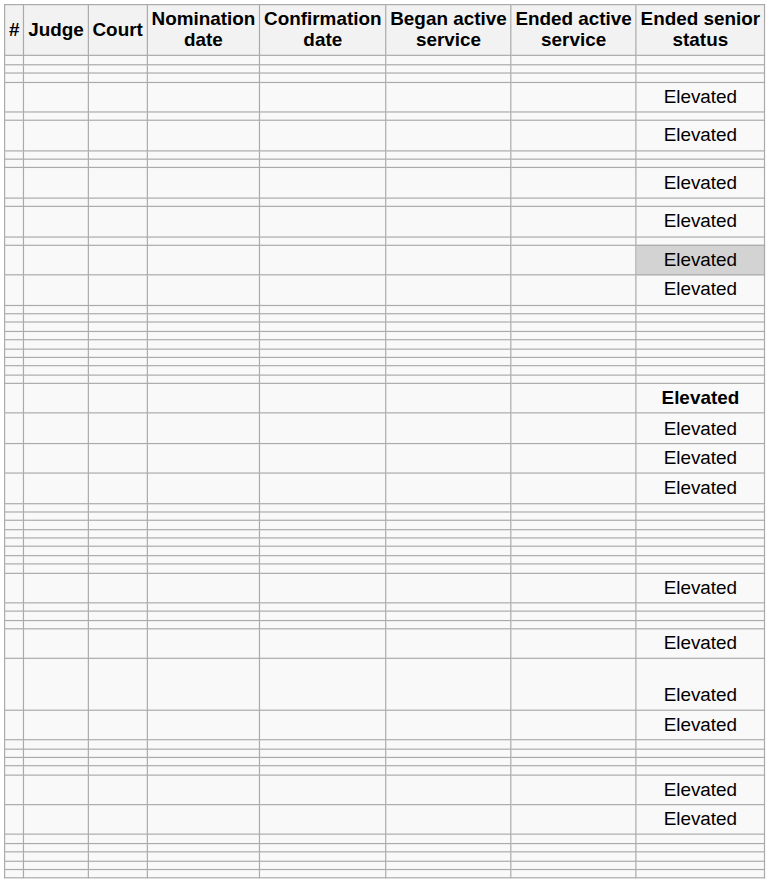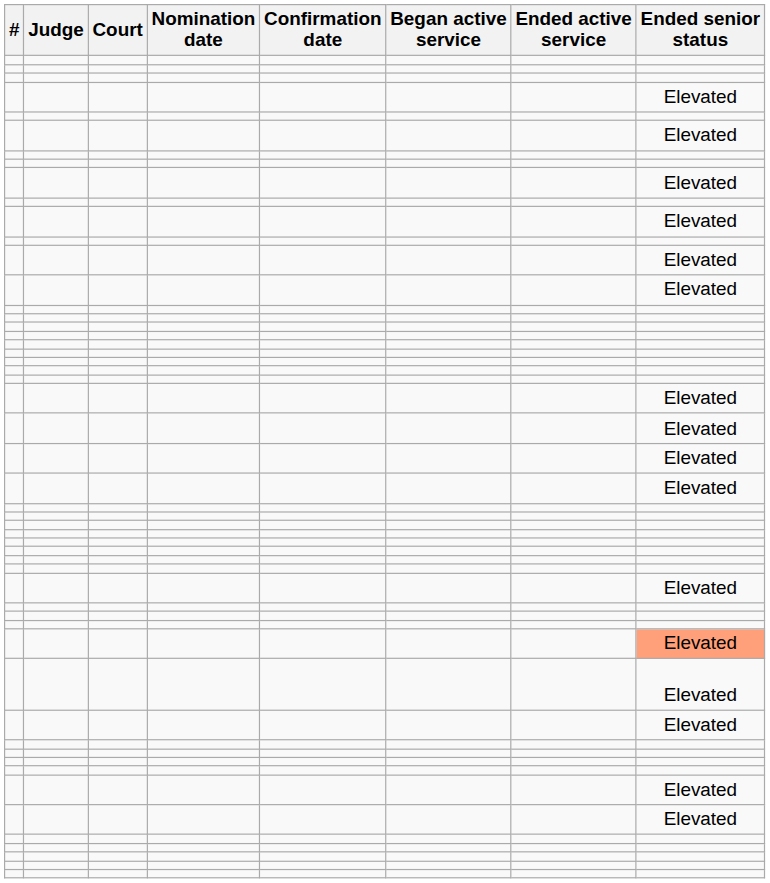 <table class="sortable wikitable">
 <tr bgcolor="#ececec">
 <th>#</th>
 <th>Judge</th>
 <th>Court<br></th>
 <th>Nomination<br>date</th>
 <th>Confirmation<br>date</th>
 <th>Began active<br>service</th>
 <th>Ended active<br>service</th>
 <th>Ended senior<br>status</th>
 </tr>
 <tr>
 <td></td>
 <td></td>
 <td></td>
 <td></td>
 <td></td>
 <td></td>
 <td></td>
 <td></td>
 </tr>
 <tr>
 <td></td>
 <td></td>
 <td></td>
 <td></td>
 <td></td>
 <td></td>
 <td></td>
 <td align="center"></td>
 </tr>
 <tr>
 <td></td>
 <td></td>
 <td></td>
 <td></td>
 <td></td>
 <td></td>
 <td></td>
 <td align="center"></td>
 </tr>
 <tr>
 <td></td>
 <td></td>
 <td></td>
 <td></td>
 <td></td>
 <td></td>
 <td></td>
 <td align="center">Elevated</td>
 </tr>
 <tr>
 <td></td>
 <td></td>
 <td></td>
 <td></td>
 <td></td>
 <td></td>
 <td></td>
 <td align="center"></td>
 </tr>
 <tr>
 <td></td>
 <td></td>
 <td></td>
 <td></td>
 <td></td>
 <td></td>
 <td></td>
 <td align="center">Elevated</td>
 </tr>
 <tr>
 <td></td>
 <td></td>
 <td></td>
 <td></td>
 <td></td>
 <td></td>
 <td></td>
 <td align="center"></td>
 </tr>
 <tr>
 <td></td>
 <td></td>
 <td></td>
 <td></td>
 <td></td>
 <td></td>
 <td></td>
 <td align="center"></td>
 </tr>
 <tr>
 <td></td>
 <td></td>
 <td></td>
 <td></td>
 <td></td>
 <td></td>
 <td></td>
 <td align="center">Elevated</td>
 </tr>
 <tr>
 <td></td>
 <td></td>
 <td></td>
 <td></td>
 <td></td>
 <td></td>
 <td></td>
 <td align="center"></td>
 </tr>
 <tr>
 <td></td>
 <td></td>
 <td></td>
 <td></td>
 <td></td>
 <td></td>
 <td></td>
 <td align="center">Elevated</td>
 </tr>
 <tr>
 <td></td>
 <td></td>
 <td></td>
 <td></td>
 <td></td>
 <td></td>
 <td></td>
 <td></td>
 </tr>
 <tr>
 <td></td>
 <td></td>
 <td></td>
 <td></td>
 <td></td>
 <td></td>
 <td></td>
-<td align="center" style="background: lightgrey;">Elevated</td>
+<td align="center">Elevated</td>
 </tr>
 <tr>
 <td></td>
 <td></td>
 <td></td>
 <td></td>
 <td></td>
 <td></td>
 <td></td>
 <td align="center">Elevated</td>
 </tr>
 <tr>
 <td></td>
 <td></td>
 <td></td>
 <td></td>
 <td></td>
 <td></td>
 <td></td>
 <td align="center"></td>
 </tr>
 <tr>
 <td></td>
 <td></td>
 <td></td>
 <td></td>
 <td></td>
 <td></td>
 <td></td>
 <td align="center"></td>
 </tr>
 <tr>
 <td></td>
 <td></td>
 <td></td>
 <td></td>
 <td></td>
 <td></td>
 <td></td>
 <td align="center"></td>
 </tr>
 <tr>
 <td></td>
 <td></td>
 <td></td>
 <td></td>
 <td></td>
 <td></td>
 <td></td>
 <td></td>
 </tr>
 <tr>
 <td></td>
 <td></td>
 <td></td>
 <td></td>
 <td></td>
 <td></td>
 <td></td>
 <td align="center"></td>
 </tr>
 <tr>
 <td></td>
 <td></td>
 <td></td>
 <td></td>
 <td></td>
 <td></td>
 <td></td>
 <td align="center"></td>
 </tr>
 <tr>
 <td></td>
 <td></td>
 <td></td>
 <td></td>
 <td></td>
 <td></td>
 <td></td>
 <td align="center"></td>
 </tr>
 <tr>
 <td></td>
 <td></td>
 <td></td>
 <td></td>
 <td></td>
 <td></td>
 <td></td>
 <td></td>
 </tr>
 <tr>
 <td></td>
 <td></td>
 <td></td>
 <td></td>
 <td></td>
 <td></td>
 <td></td>
 <td align="center"></td>
 </tr>
 <tr>
 <td></td>
 <td></td>
 <td></td>
 <td></td>
 <td></td>
 <td></td>
 <td></td>
-<td align="center"><strong>Elevated</strong></td>
+<td align="center">Elevated</td>
 </tr>
 <tr>
 <td></td>
 <td></td>
 <td></td>
 <td></td>
 <td></td>
 <td></td>
 <td></td>
 <td align="center">Elevated</td>
 </tr>
 <tr>
 <td></td>
 <td></td>
 <td></td>
 <td></td>
 <td></td>
 <td></td>
 <td></td>
 <td align="center">Elevated</td>
 </tr>
 <tr>
 <td></td>
 <td></td>
 <td></td>
 <td></td>
 <td></td>
 <td></td>
 <td></td>
 <td align="center">Elevated</td>
 </tr>
 <tr>
 <td></td>
 <td></td>
 <td></td>
 <td></td>
 <td></td>
 <td></td>
 <td></td>
 <td></td>
 </tr>
 <tr>
 <td></td>
 <td></td>
 <td></td>
 <td></td>
 <td></td>
 <td></td>
 <td></td>
 <td></td>
 </tr>
 <tr>
 <td></td>
 <td></td>
 <td></td>
 <td></td>
 <td></td>
 <td></td>
 <td></td>
 <td></td>
 </tr>
 <tr>
 <td></td>
 <td></td>
 <td></td>
 <td></td>
 <td></td>
 <td></td>
 <td></td>
 <td align="center"></td>
 </tr>
 <tr>
 <td></td>
 <td></td>
 <td></td>
 <td></td>
 <td></td>
 <td></td>
 <td></td>
 <td align="center"></td>
 </tr>
 <tr>
 <td></td>
 <td></td>
 <td></td>
 <td></td>
 <td></td>
 <td></td>
 <td></td>
 <td align="center"></td>
 </tr>
 <tr>
 <td></td>
 <td></td>
 <td></td>
 <td></td>
 <td></td>
 <td></td>
 <td></td>
 <td align="center"></td>
 </tr>
 <tr>
 <td></td>
 <td></td>
 <td></td>
 <td></td>
 <td></td>
 <td></td>
 <td></td>
 <td align="center"></td>
 </tr>
 <tr>
 <td></td>
 <td></td>
 <td></td>
 <td></td>
 <td></td>
 <td></td>
 <td></td>
 <td align="center">Elevated</td>
 </tr>
 <tr>
 <td></td>
 <td></td>
 <td></td>
 <td></td>
 <td></td>
 <td></td>
 <td></td>
 <td></td>
 </tr>
 <tr>
 <td></td>
 <td></td>
 <td></td>
 <td></td>
 <td></td>
 <td></td>
 <td></td>
 <td align="center"></td>
 </tr>
 <tr>
 <td></td>
 <td></td>
 <td></td>
 <td></td>
 <td></td>
 <td></td>
 <td></td>
 <td></td>
 </tr>
 <tr>
 <td></td>
 <td></td>
 <td></td>
 <td></td>
 <td></td>
 <td></td>
 <td></td>
-<td align="center">Elevated</td>
+<td align="center" style="background: lightsalmon;">Elevated</td>
 </tr>
 <tr>
 <td></td>
 <td></td>
 <td></td>
 <td></td>
 <td></td>
 <td></td>
 <td><br></td>
 <td align="center"><br>Elevated</td>
 </tr>
 <tr>
 <td></td>
 <td></td>
 <td></td>
 <td></td>
 <td></td>
 <td></td>
 <td></td>
 <td align="center">Elevated</td>
 </tr>
 <tr>
 <td></td>
 <td></td>
 <td></td>
 <td></td>
 <td></td>
 <td></td>
 <td></td>
 <td align="center"></td>
 </tr>
 <tr>
 <td></td>
 <td></td>
 <td></td>
 <td></td>
 <td></td>
 <td></td>
 <td></td>
 <td></td>
 </tr>
 <tr>
 <td></td>
 <td></td>
 <td></td>
 <td></td>
 <td></td>
 <td></td>
 <td></td>
 <td align="center"></td>
 </tr>
 <tr>
 <td></td>
 <td></td>
 <td></td>
 <td></td>
 <td></td>
 <td></td>
 <td></td>
 <td></td>
 </tr>
 <tr>
 <td></td>
 <td></td>
 <td></td>
 <td></td>
 <td></td>
 <td></td>
 <td></td>
 <td align="center">Elevated</td>
 </tr>
 <tr>
 <td></td>
 <td></td>
 <td></td>
 <td></td>
 <td></td>
 <td></td>
 <td></td>
 <td align="center">Elevated</td>
 </tr>
 <tr>
 <td></td>
 <td></td>
 <td></td>
 <td></td>
 <td></td>
 <td></td>
 <td></td>
 <td align="center"></td>
 </tr>
 <tr>
 <td></td>
 <td></td>
 <td></td>
 <td></td>
 <td></td>
 <td></td>
 <td></td>
 <td></td>
 </tr>
 <tr>
 <td></td>
 <td></td>
 <td></td>
 <td></td>
 <td></td>
 <td></td>
 <td></td>
 <td align="center"></td>
 </tr>
 <tr>
 <td></td>
 <td></td>
 <td></td>
 <td></td>
 <td></td>
 <td></td>
 <td></td>
 <td align="center"></td>
 </tr>
 <tr>
 <td></td>
 <td></td>
 <td></td>
 <td></td>
 <td></td>
 <td></td>
 <td></td>
 <td></td>
 </tr>
 </table>
